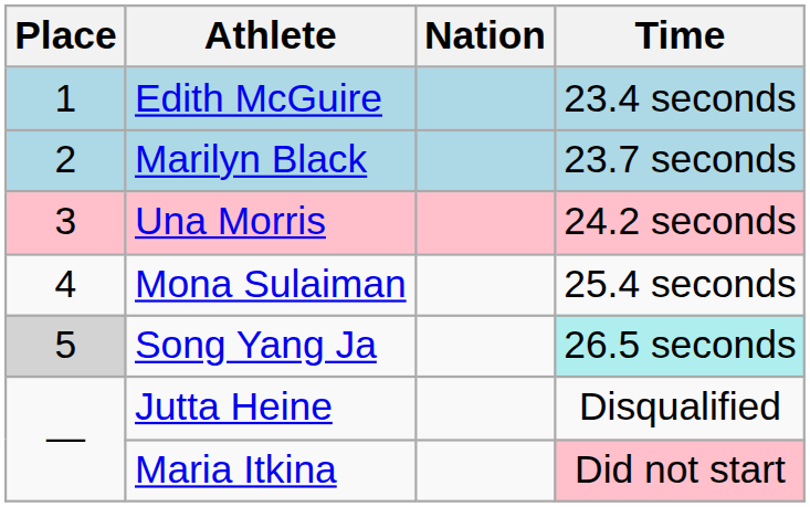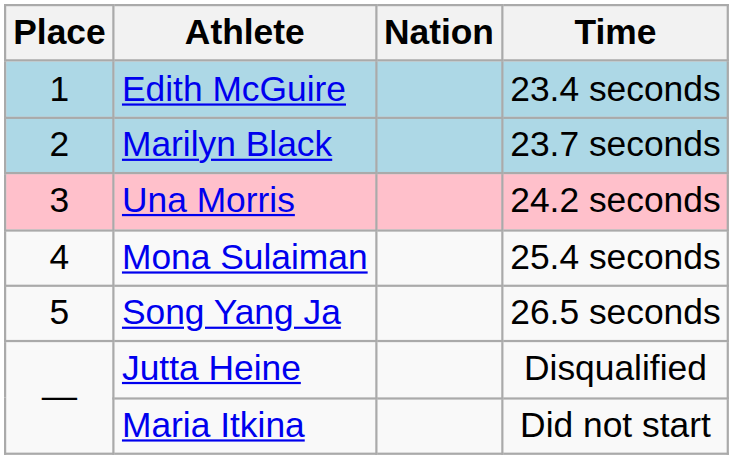 <table class=wikitable>
 <tr>
 <th>Place</th>
 <th>Athlete</th>
 <th>Nation</th>
 <th>Time</th>
 </tr>
 <tr align=center bgcolor=lightblue>
 <td>1</td>
 <td align=left><a href='#'>Edith McGuire</a></td>
 <td align=left></td>
 <td>23.4 seconds</td>
 </tr>
 <tr align=center bgcolor=lightblue>
 <td>2</td>
 <td align=left><a href='#'>Marilyn Black</a></td>
 <td align=left></td>
 <td>23.7 seconds</td>
 </tr>
 <tr align=center bgcolor=pink>
 <td>3</td>
 <td align=left><a href='#'>Una Morris</a></td>
 <td align=left></td>
 <td>24.2 seconds</td>
 </tr>
 <tr align=center>
 <td>4</td>
 <td align=left><a href='#'>Mona Sulaiman</a></td>
 <td align=left></td>
 <td>25.4 seconds</td>
 </tr>
 <tr align=center>
-<td style="background: lightgrey;">5</td>
+<td>5</td>
 <td align=left><a href='#'>Song Yang Ja</a></td>
 <td align=left></td>
-<td style="background: paleturquoise;">26.5 seconds</td>
+<td>26.5 seconds</td>
 </tr>
 <tr align=center>
 <td rowspan=2>—</td>
 <td align=left><a href='#'>Jutta Heine</a></td>
 <td align=left></td>
 <td>Disqualified</td>
 </tr>
 <tr align=center>
 <td align=left><a href='#'>Maria Itkina</a></td>
 <td align=left></td>
-<td style="background: pink;">Did not start</td>
+<td>Did not start</td>
 </tr>
 </table>
